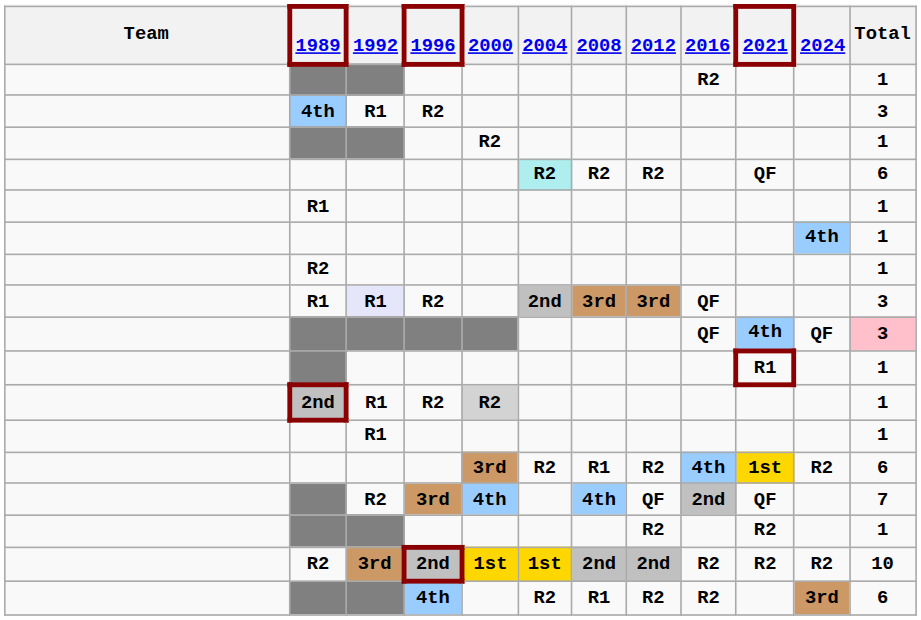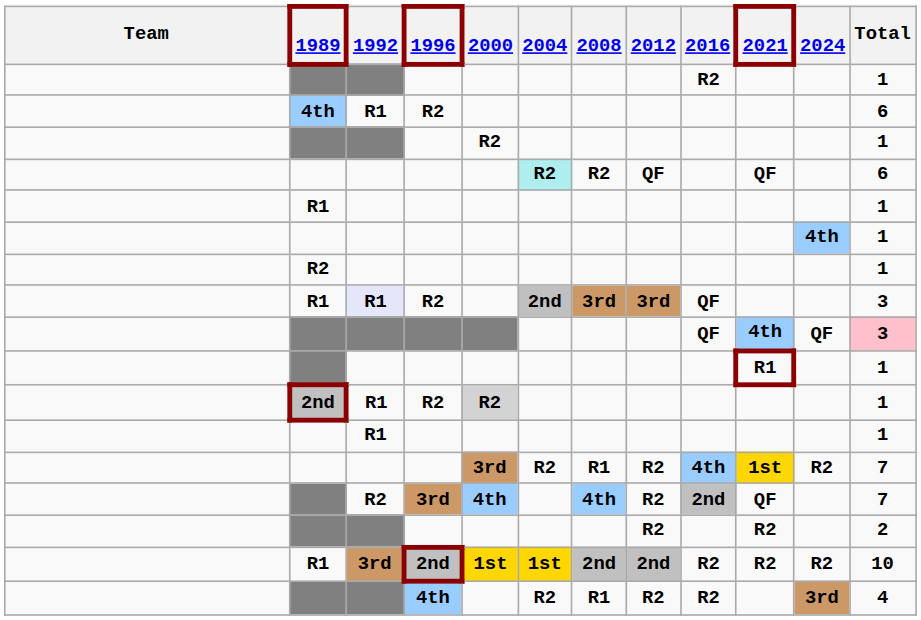 <table class="wikitable" style="text-align:center; font-size:90%">
 <tr>
 <th width=170>Team</th>
 <th style="border:3px solid darkred"><br><a href='#'>1989</a></th>
 <th><br><a href='#'>1992</a></th>
 <th style="border:3px solid darkred"><br><a href='#'>1996</a></th>
 <th><br><a href='#'>2000</a></th>
 <th><br><a href='#'>2004</a></th>
 <th><br><a href='#'>2008</a></th>
 <th><br><a href='#'>2012</a></th>
 <th><br><a href='#'>2016</a></th>
 <th style="border:3px solid darkred"><br><a href='#'>2021</a></th>
 <th><br><a href='#'>2024</a></th>
 <th>Total</th>
 </tr>
 <tr>
 <td align=left></td>
 <td bgcolor=gray></td>
 <td bgcolor=gray></td>
 <td></td>
 <td></td>
 <td></td>
 <td></td>
 <td></td>
 <td><strong>R2</strong></td>
 <td></td>
 <td></td>
 <td><strong>1</strong></td>
 </tr>
 <tr>
 <td align=left></td>
 <td style="background-color:#9acdff"><strong>4th</strong></td>
 <td><strong>R1</strong></td>
 <td><strong>R2</strong></td>
 <td></td>
 <td></td>
 <td></td>
 <td></td>
 <td></td>
 <td></td>
 <td></td>
-<td><strong>3</strong></td>
+<td><strong>6</strong></td>
 </tr>
 <tr>
 <td align=left></td>
 <td bgcolor=gray></td>
 <td bgcolor=gray></td>
 <td></td>
 <td><strong>R2</strong></td>
 <td></td>
 <td></td>
 <td></td>
 <td></td>
 <td></td>
 <td></td>
 <td><strong>1</strong></td>
 </tr>
 <tr>
 <td align=left></td>
 <td></td>
 <td></td>
 <td></td>
 <td></td>
 <td style="background: paleturquoise;"><strong>R2</strong></td>
 <td><strong>R2</strong></td>
-<td><strong>R2</strong></td>
+<td><strong>QF</strong></td>
 <td></td>
 <td><strong>QF</strong></td>
 <td></td>
 <td><strong>6</strong></td>
 </tr>
 <tr>
 <td align=left></td>
 <td><strong>R1</strong></td>
 <td></td>
 <td></td>
 <td></td>
 <td></td>
 <td></td>
 <td></td>
 <td></td>
 <td></td>
 <td></td>
 <td><strong>1</strong></td>
 </tr>
 <tr>
 <td align=left></td>
 <td></td>
 <td></td>
 <td></td>
 <td></td>
 <td></td>
 <td></td>
 <td></td>
 <td></td>
 <td></td>
 <td style="background-color:#9acdff"><strong>4th</strong></td>
 <td><strong>1</strong></td>
 </tr>
 <tr>
 <td align=left></td>
 <td><strong>R2</strong></td>
 <td></td>
 <td></td>
 <td></td>
 <td></td>
 <td></td>
 <td></td>
 <td></td>
 <td></td>
 <td></td>
 <td><strong>1</strong></td>
 </tr>
 <tr>
 <td align=left></td>
 <td><strong>R1</strong></td>
 <td style="background: lavender;"><strong>R1</strong></td>
 <td><strong>R2</strong></td>
 <td></td>
 <td style="background-color:silver"><strong>2nd</strong></td>
 <td style="background-color:#cc9966"><strong>3rd</strong></td>
 <td style="background-color:#cc9966"><strong>3rd</strong></td>
 <td><strong>QF</strong></td>
 <td></td>
 <td></td>
 <td><strong>3</strong></td>
 </tr>
 <tr>
 <td align=left></td>
 <td bgcolor=gray></td>
 <td bgcolor=gray></td>
 <td bgcolor=gray></td>
 <td bgcolor=gray></td>
 <td></td>
 <td></td>
 <td></td>
 <td><strong>QF</strong></td>
 <td style="background-color:#9acdff"><strong>4th</strong></td>
 <td><strong>QF</strong></td>
 <td style="background: pink;"><strong>3</strong></td>
 </tr>
 <tr>
 <td align=left></td>
 <td bgcolor=gray></td>
 <td></td>
 <td></td>
 <td></td>
 <td></td>
 <td></td>
 <td></td>
 <td></td>
 <td style="border:3px solid darkred"><strong>R1</strong></td>
 <td></td>
 <td><strong>1</strong></td>
 </tr>
 <tr>
 <td align=left></td>
 <td bgcolor=silver style="border:3px solid darkred"><strong>2nd</strong></td>
 <td><strong>R1</strong></td>
 <td><strong>R2</strong></td>
 <td style="background: lightgrey;"><strong>R2</strong></td>
 <td></td>
 <td></td>
 <td></td>
 <td></td>
 <td></td>
 <td></td>
 <td><strong>1</strong></td>
 </tr>
 <tr>
 <td align=left></td>
 <td></td>
 <td><strong>R1</strong></td>
 <td></td>
 <td></td>
 <td></td>
 <td></td>
 <td></td>
 <td></td>
 <td></td>
 <td></td>
 <td><strong>1</strong></td>
 </tr>
 <tr>
 <td align=left></td>
 <td></td>
 <td></td>
 <td></td>
 <td style="background-color:#cc9966"><strong>3rd</strong></td>
 <td><strong>R2</strong></td>
 <td><strong>R1</strong></td>
 <td><strong>R2</strong></td>
 <td style="background-color:#9acdff"><strong>4th</strong></td>
 <td style="background-color:gold"><strong>1st</strong></td>
 <td><strong>R2</strong></td>
-<td><strong>6</strong></td>
+<td><strong>7</strong></td>
 </tr>
 <tr>
 <td align=left></td>
 <td bgcolor=gray></td>
 <td><strong>R2</strong></td>
 <td style="background-color:#cc9966"><strong>3rd</strong></td>
 <td style="background-color:#9acdff"><strong>4th</strong></td>
 <td></td>
 <td style="background-color:#9acdff"><strong>4th</strong></td>
-<td><strong>QF</strong></td>
+<td><strong>R2</strong></td>
 <td style="background-color:silver"><strong>2nd</strong></td>
 <td><strong>QF</strong></td>
 <td></td>
 <td><strong>7</strong></td>
 </tr>
 <tr>
 <td align=left></td>
 <td bgcolor=gray></td>
 <td bgcolor=gray></td>
 <td></td>
 <td></td>
 <td></td>
 <td></td>
 <td><strong>R2</strong></td>
 <td></td>
 <td><strong>R2</strong></td>
 <td></td>
-<td><strong>1</strong></td>
+<td><strong>2</strong></td>
 </tr>
 <tr>
 <td align=left></td>
-<td><strong>R2</strong></td>
+<td><strong>R1</strong></td>
 <td style="background-color:#cc9966"><strong>3rd</strong></td>
 <td bgcolor=silver style="border:3px solid darkred"><strong>2nd</strong></td>
 <td style="background-color:gold"><strong>1st</strong></td>
 <td style="background-color:gold"><strong>1st</strong></td>
 <td style="background-color:silver"><strong>2nd</strong></td>
 <td style="background-color:silver"><strong>2nd</strong></td>
 <td><strong>R2</strong></td>
 <td><strong>R2</strong></td>
 <td><strong>R2</strong></td>
 <td><strong>10</strong></td>
 </tr>
 <tr>
 <td align=left></td>
 <td bgcolor=gray></td>
 <td bgcolor=gray></td>
 <td style="background-color:#9acdff"><strong>4th</strong></td>
 <td></td>
 <td><strong>R2</strong></td>
 <td><strong>R1</strong></td>
 <td><strong>R2</strong></td>
 <td><strong>R2</strong></td>
 <td></td>
 <td style="background-color:#cc9966"><strong>3rd</strong></td>
-<td><strong>6</strong></td>
+<td><strong>4</strong></td>
 </tr>
 </table>
